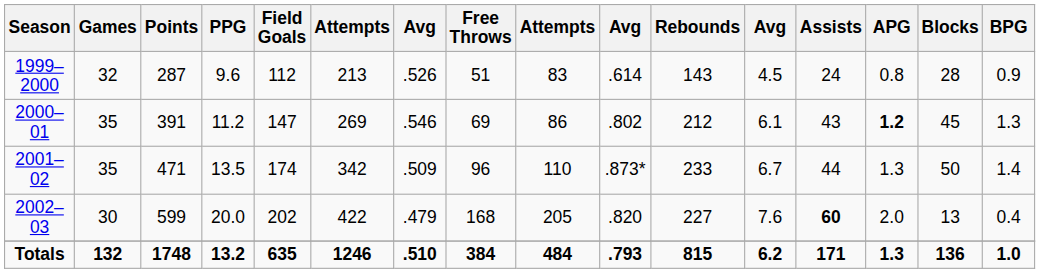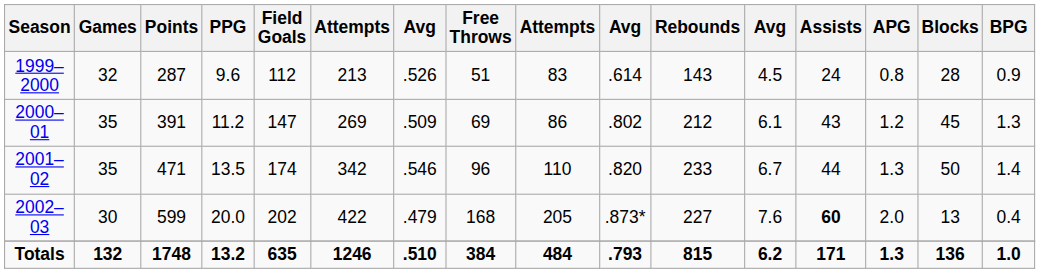 <table class="wikitable sortable" style="text-align:center">
 <tr>
 <th width=40px>Season</th>
 <th width=40px>Games</th>
 <th width=40px>Points</th>
 <th width=40px>PPG</th>
 <th width=40px>Field Goals</th>
 <th width=40px>Attempts</th>
 <th width=40px>Avg</th>
 <th width=40px>Free Throws</th>
 <th width=40px>Attempts</th>
 <th width=40px>Avg</th>
 <th width=40px>Rebounds</th>
 <th width=40px>Avg</th>
 <th width=40px>Assists</th>
 <th width=40px>APG</th>
 <th width=40px>Blocks</th>
 <th width=40px>BPG</th>
 </tr>
 <tr>
 <td><a href='#'>1999–2000</a></td>
 <td>32</td>
 <td>287</td>
 <td>9.6</td>
 <td>112</td>
 <td>213</td>
 <td>.526</td>
 <td>51</td>
 <td>83</td>
 <td>.614</td>
 <td>143</td>
 <td>4.5</td>
 <td>24</td>
 <td>0.8</td>
 <td>28</td>
 <td>0.9</td>
 </tr>
 <tr>
 <td><a href='#'>2000–01</a></td>
 <td>35</td>
 <td>391</td>
 <td>11.2</td>
 <td>147</td>
 <td>269</td>
-<td>.546</td>
+<td>.509</td>
 <td>69</td>
 <td>86</td>
 <td>.802</td>
 <td>212</td>
 <td>6.1</td>
 <td>43</td>
-<td><strong>1.2</strong></td>
+<td>1.2</td>
 <td>45</td>
 <td>1.3</td>
 </tr>
 <tr>
 <td><a href='#'>2001–02</a></td>
 <td>35</td>
 <td>471</td>
 <td>13.5</td>
 <td>174</td>
 <td>342</td>
-<td>.509</td>
+<td>.546</td>
 <td>96</td>
 <td>110</td>
-<td>.873*</td>
+<td>.820</td>
 <td>233</td>
 <td>6.7</td>
 <td>44</td>
 <td>1.3</td>
 <td>50</td>
 <td>1.4</td>
 </tr>
 <tr>
 <td><a href='#'>2002–03</a></td>
 <td>30</td>
 <td>599</td>
 <td>20.0</td>
 <td>202</td>
 <td>422</td>
 <td>.479</td>
 <td>168</td>
 <td>205</td>
-<td>.820</td>
+<td>.873*</td>
 <td>227</td>
 <td>7.6</td>
 <td><strong>60</strong></td>
 <td>2.0</td>
 <td>13</td>
 <td>0.4</td>
 </tr>
 <tr>
 </tr>
 <tr class="sortbottom">
 <td><strong>Totals</strong></td>
 <td><strong>132</strong></td>
 <td><strong>1748</strong></td>
 <td><strong>13.2</strong></td>
 <td><strong>635</strong></td>
 <td><strong>1246</strong></td>
 <td><strong>.510</strong></td>
 <td><strong>384</strong></td>
 <td><strong>484</strong></td>
 <td><strong>.793</strong></td>
 <td><strong>815</strong></td>
 <td><strong>6.2</strong></td>
 <td><strong>171</strong></td>
 <td><strong>1.3</strong></td>
 <td><strong>136</strong></td>
 <td><strong>1.0</strong></td>
 </tr>
 </table>
